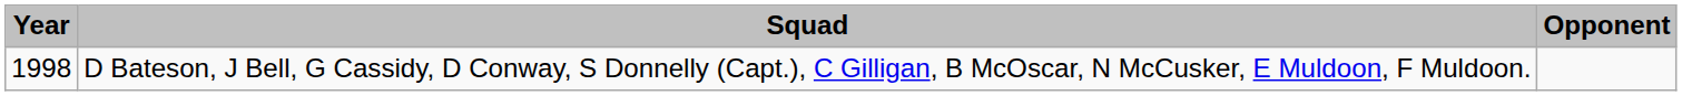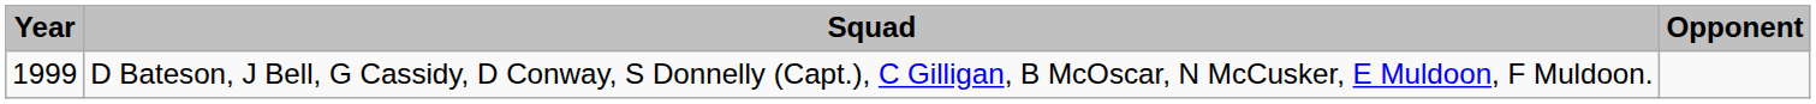 <table class="wikitable">
 <tr>
 <th style="background:silver;">Year</th>
 <th style="background:silver;">Squad</th>
 <th style="background:silver;">Opponent</th>
 </tr>
 <tr>
-<td>1998</td>
+<td>1999</td>
 <td>D Bateson, J Bell, G Cassidy, D Conway, S Donnelly (Capt.), <a href='#'>C Gilligan</a>, B McOscar, N McCusker, <a href='#'>E Muldoon</a>, F Muldoon.</td>
 <td></td>
 </tr>
 </table>
